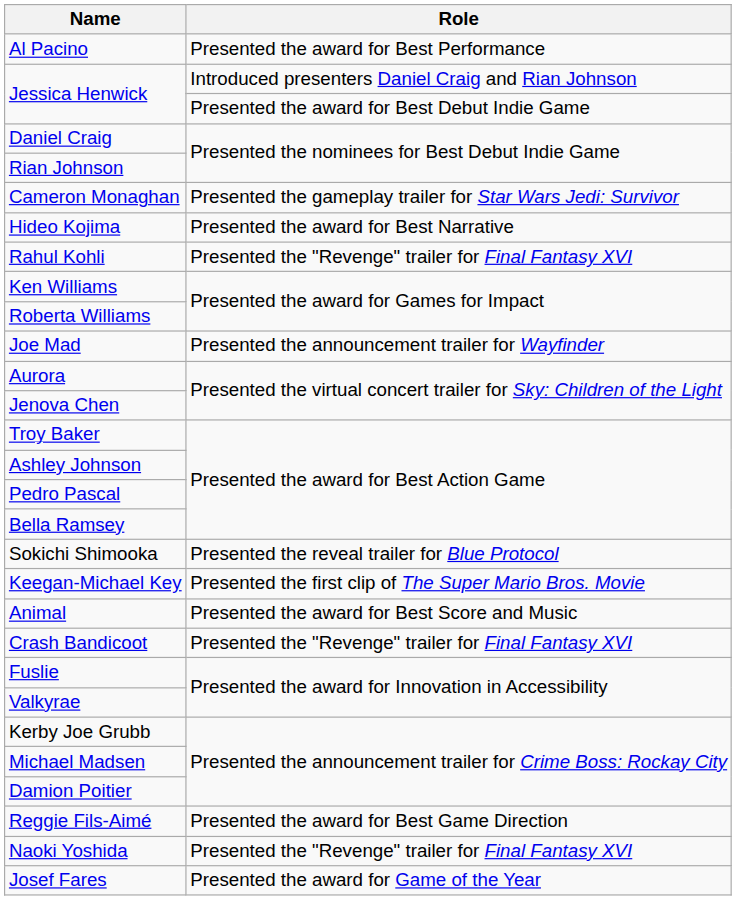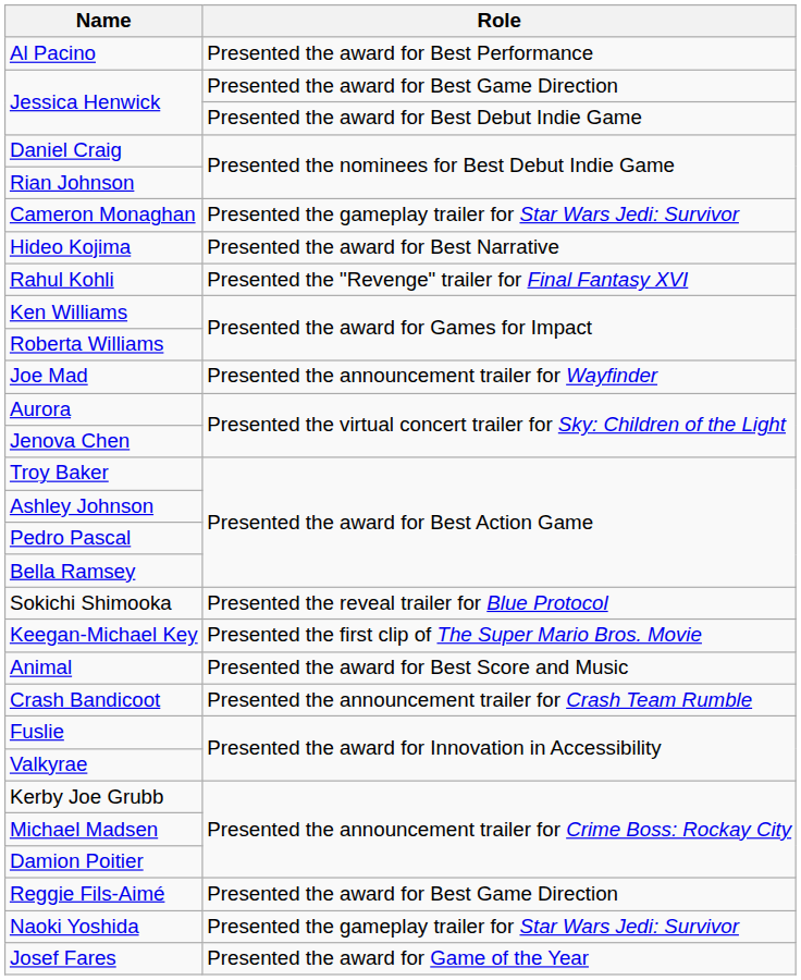 <table class="wikitable sortable">
 <tr>
 <th>Name</th>
 <th class="unsortable">Role</th>
 </tr>
 <tr>
 <td data-sort-value="Pacino, Al"><a href='#'>Al Pacino</a></td>
 <td>Presented the award for Best Performance</td>
 </tr>
 <tr>
 <td rowspan="2" data-sort-value="Henwick, Jessica"><a href='#'>Jessica Henwick</a></td>
-<td>Introduced presenters <a href='#'>Daniel Craig</a> and <a href='#'>Rian Johnson</a></td>
+<td>Presented the award for Best Game Direction</td>
 </tr>
 <tr>
 <td>Presented the award for Best Debut Indie Game</td>
 </tr>
 <tr>
 <td data-sort-value="Craig, Daniel"><a href='#'>Daniel Craig</a></td>
 <td rowspan="2">Presented the nominees for Best Debut Indie Game</td>
 </tr>
 <tr>
 <td data-sort-value="Johnson, Rian"><a href='#'>Rian Johnson</a></td>
 </tr>
 <tr>
 <td data-sort-value="Monaghan, Cameron"><a href='#'>Cameron Monaghan</a></td>
 <td>Presented the gameplay trailer for <em><a href='#'>Star Wars Jedi: Survivor</a></em></td>
 </tr>
 <tr>
 <td data-sort-value="Kojima, Hideo"><a href='#'>Hideo Kojima</a></td>
 <td>Presented the award for Best Narrative</td>
 </tr>
 <tr>
 <td data-sort-value="Kohli, Rahul"><a href='#'>Rahul Kohli</a></td>
 <td>Presented the "Revenge" trailer for <em><a href='#'>Final Fantasy XVI</a></em></td>
 </tr>
 <tr>
 <td data-sort-value="Williams, Ken"><a href='#'>Ken Williams</a></td>
 <td rowspan="2">Presented the award for Games for Impact</td>
 </tr>
 <tr>
 <td data-sort-value="Williams, Roberta"><a href='#'>Roberta Williams</a></td>
 </tr>
 <tr>
 <td data-sort-value="Mad, Joe"><a href='#'>Joe Mad</a></td>
 <td>Presented the announcement trailer for <em><a href='#'>Wayfinder</a></em></td>
 </tr>
 <tr>
 <td data-sort-value="Aurora"><a href='#'>Aurora</a></td>
 <td rowspan="2">Presented the virtual concert trailer for <em><a href='#'>Sky: Children of the Light</a></em></td>
 </tr>
 <tr>
 <td data-sort-value="Chen, Jenova"><a href='#'>Jenova Chen</a></td>
 </tr>
 <tr>
 <td data-sort-value="Baker, Troy"><a href='#'>Troy Baker</a></td>
 <td rowspan="4">Presented the award for Best Action Game</td>
 </tr>
 <tr>
 <td data-sort-value="Johnson, Ashley"><a href='#'>Ashley Johnson</a></td>
 </tr>
 <tr>
 <td data-sort-value="Pascal, Pedro"><a href='#'>Pedro Pascal</a></td>
 </tr>
 <tr>
 <td data-sort-value="Ramsey, Bella"><a href='#'>Bella Ramsey</a></td>
 </tr>
 <tr>
 <td data-sort-value="Shimooka, Sokichi">Sokichi Shimooka</td>
 <td>Presented the reveal trailer for <em><a href='#'>Blue Protocol</a></em></td>
 </tr>
 <tr>
 <td data-sort-value="Key, Keegan-Michael"><a href='#'>Keegan-Michael Key</a></td>
 <td>Presented the first clip of <em><a href='#'>The Super Mario Bros. Movie</a></em></td>
 </tr>
 <tr>
 <td data-sort-value="Animal"><a href='#'>Animal</a></td>
 <td>Presented the award for Best Score and Music</td>
 </tr>
 <tr>
 <td><a href='#'>Crash Bandicoot</a></td>
-<td>Presented the "Revenge" trailer for <em><a href='#'>Final Fantasy XVI</a></em></td>
+<td>Presented the announcement trailer for <em><a href='#'>Crash Team Rumble</a></em></td>
 </tr>
 <tr>
 <td data-sort-value="Fuslie"><a href='#'>Fuslie</a></td>
 <td rowspan="2">Presented the award for Innovation in Accessibility</td>
 </tr>
 <tr>
 <td data-sort-value="Valkyrae"><a href='#'>Valkyrae</a></td>
 </tr>
 <tr>
 <td data-sort-value="Grubb, Kerby Joe">Kerby Joe Grubb</td>
 <td rowspan="3">Presented the announcement trailer for <em><a href='#'>Crime Boss: Rockay City</a></em></td>
 </tr>
 <tr>
 <td data-sort-value="Madsen, Michael"><a href='#'>Michael Madsen</a></td>
 </tr>
 <tr>
 <td data-sort-value="Poitier, Damion"><a href='#'>Damion Poitier</a></td>
 </tr>
 <tr>
 <td data-sort-value="Fils-Aimé, Reggie"><a href='#'>Reggie Fils-Aimé</a></td>
 <td>Presented the award for Best Game Direction</td>
 </tr>
 <tr>
 <td data-sort-value="Yoshida, Naoki"><a href='#'>Naoki Yoshida</a></td>
-<td>Presented the "Revenge" trailer for <em><a href='#'>Final Fantasy XVI</a></em></td>
+<td>Presented the gameplay trailer for <em><a href='#'>Star Wars Jedi: Survivor</a></em></td>
 </tr>
 <tr>
 <td data-sort-value="Fares, Josef"><a href='#'>Josef Fares</a></td>
 <td>Presented the award for <a href='#'>Game of the Year</a></td>
 </tr>
 </table>
